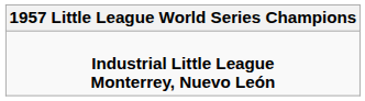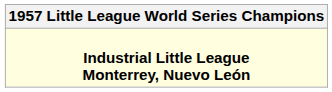 <table class="wikitable" style="text-align: center; margin: 0 auto;">
 <tr>
 <th>1957 Little League World Series Champions</th>
 </tr>
 <tr>
-<td><br><strong>Industrial Little League</strong><br><strong>Monterrey, Nuevo León</strong></td>
+<td style="background: lightyellow;"><br><strong>Industrial Little League</strong><br><strong>Monterrey, Nuevo León</strong></td>
 </tr>
 </table>
